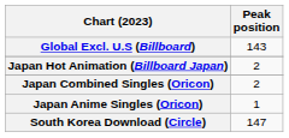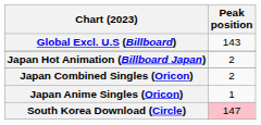 <table class="wikitable sortable plainrowheaders" style="text-align:center;">
 <tr>
 <th scope="col">Chart (2023)</th>
 <th scope="col">Peak<br>position</th>
 </tr>
 <tr>
 <th scope="row"><a href='#'>Global Excl. U.S</a> (<em><a href='#'>Billboard</a></em>)</th>
 <td>143</td>
 </tr>
 <tr>
 </tr>
 <tr>
 <th scope="row">Japan Hot Animation (<em><a href='#'>Billboard Japan</a></em>)</th>
 <td>2</td>
 </tr>
 <tr>
 </tr>
 <tr>
 <th scope="row">Japan Combined Singles (<a href='#'>Oricon</a>)</th>
 <td>2</td>
 </tr>
 <tr>
 <th scope="row">Japan Anime Singles (<a href='#'>Oricon</a>)</th>
 <td>1</td>
 </tr>
 <tr>
 <th scope="row">South Korea Download (<a href='#'>Circle</a>)</th>
-<td>147</td>
+<td style="background: pink;">147</td>
 </tr>
 </table>
